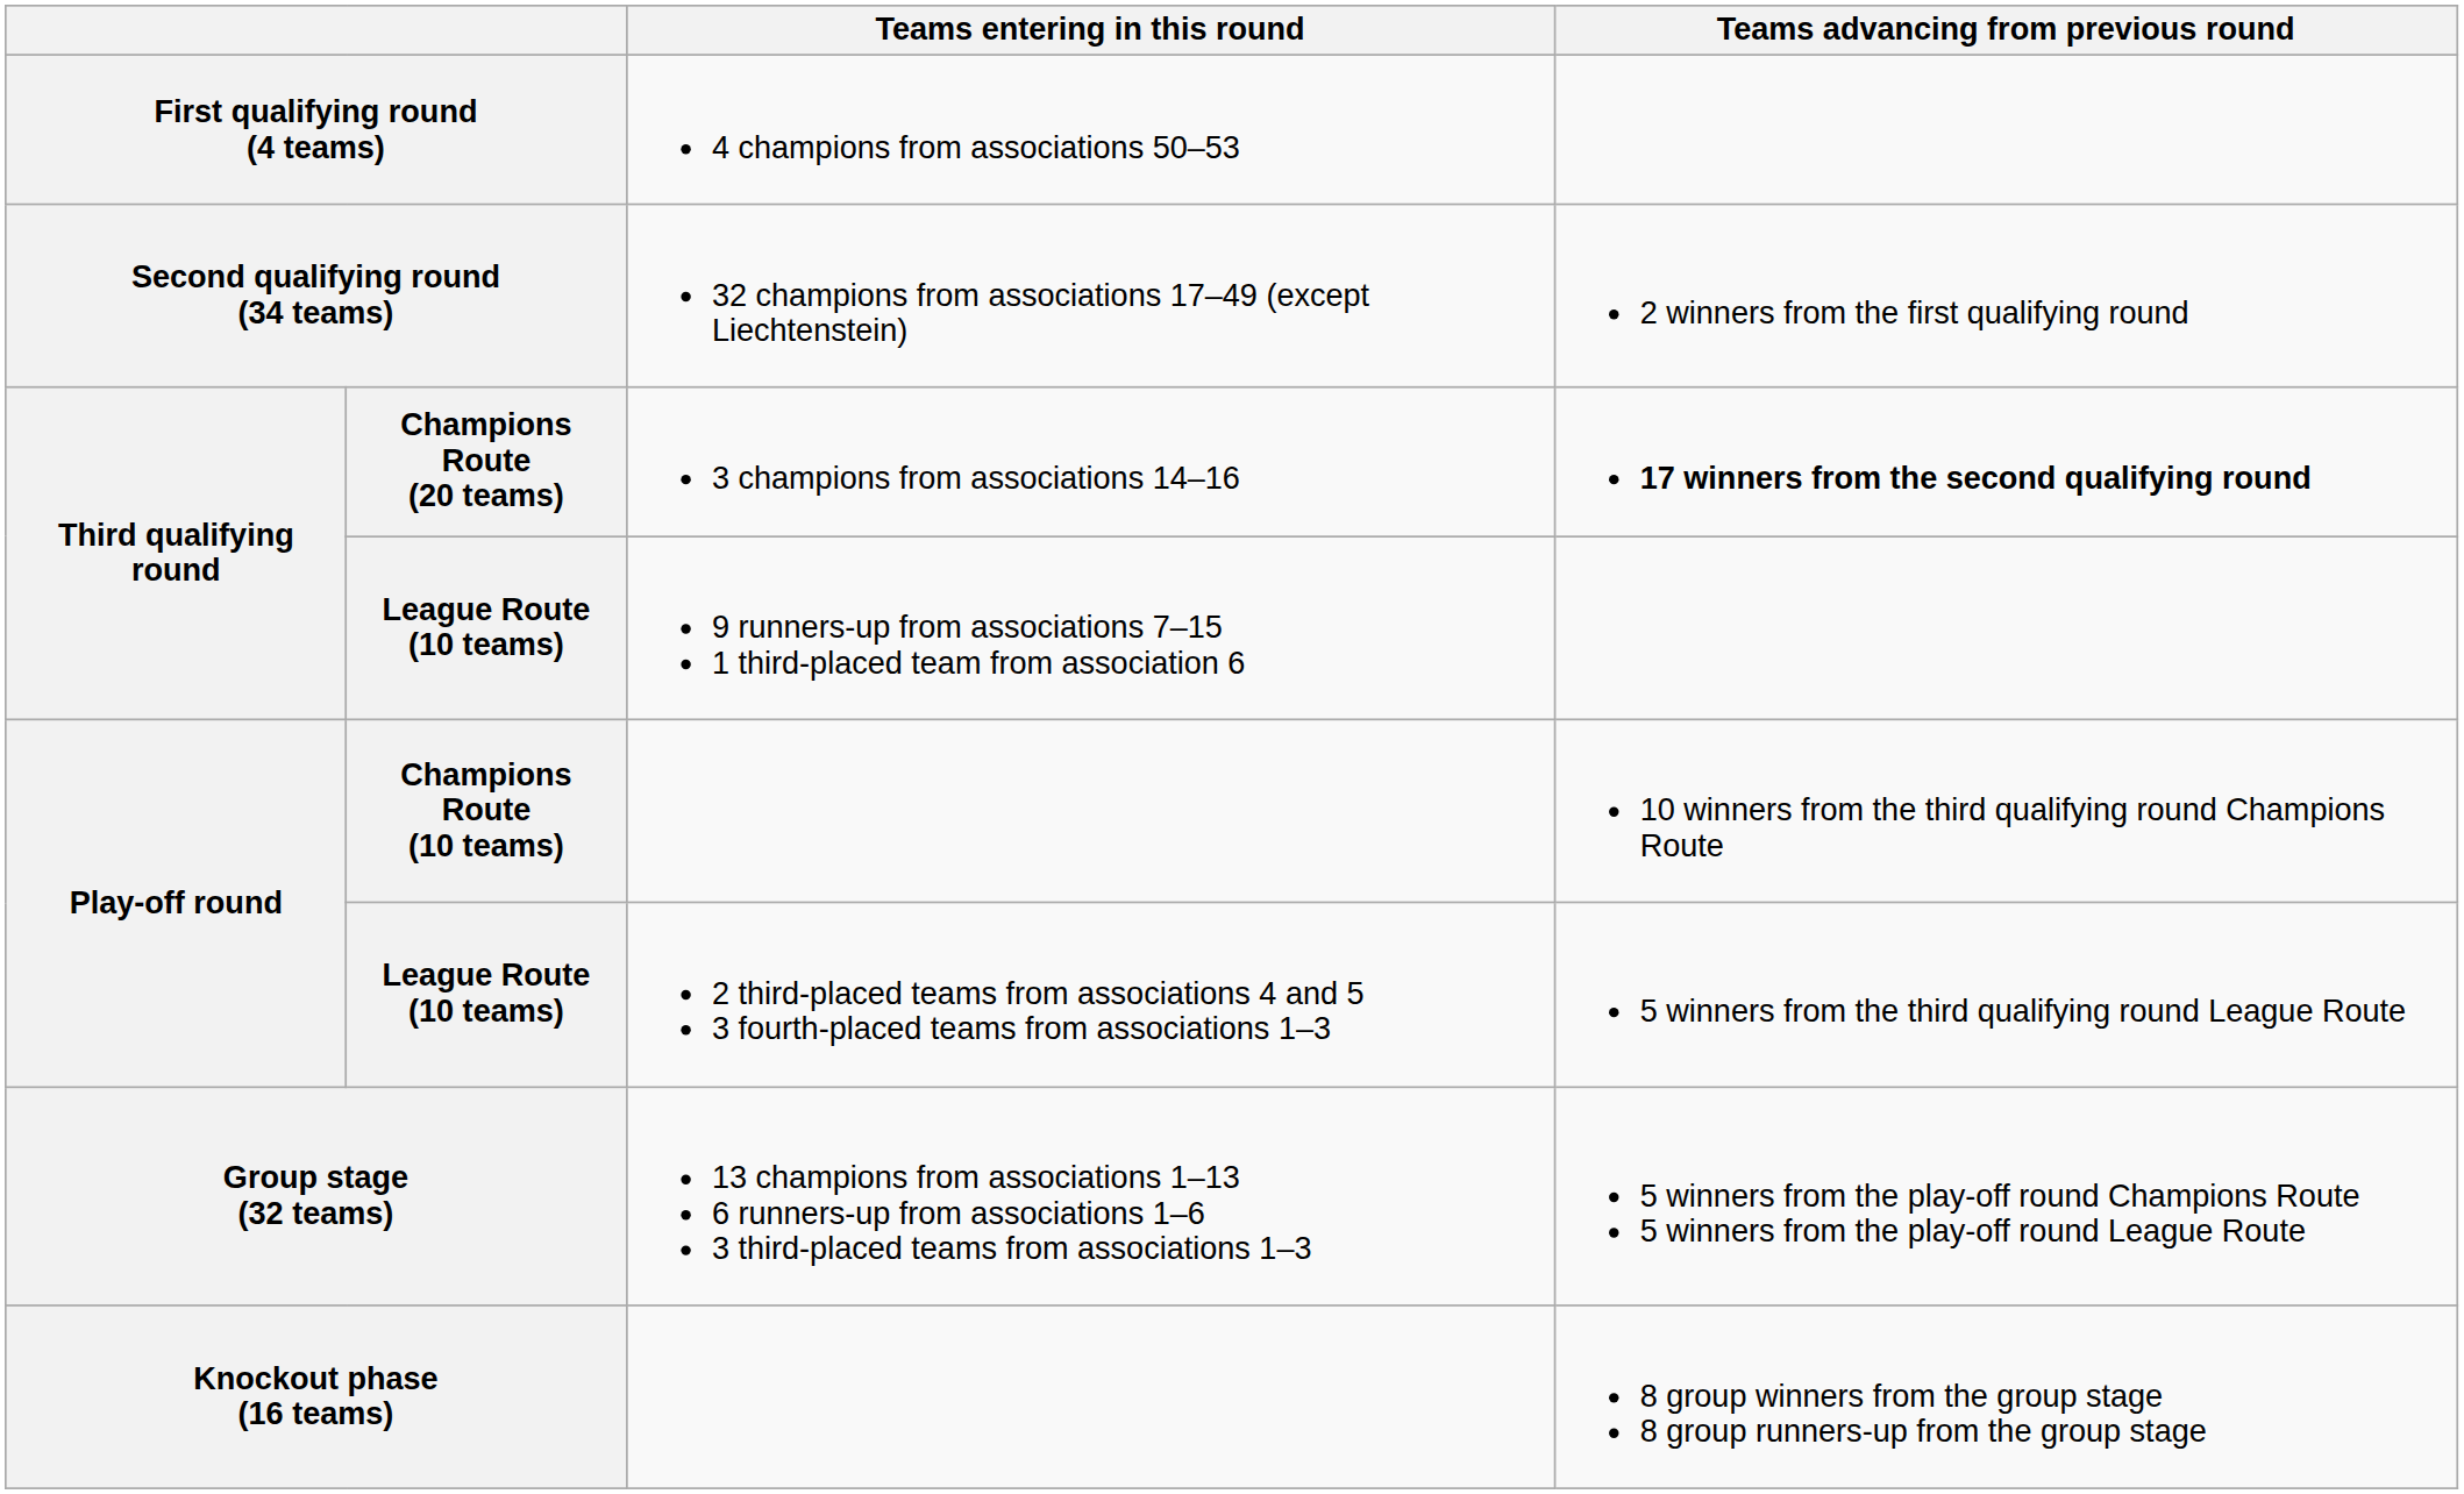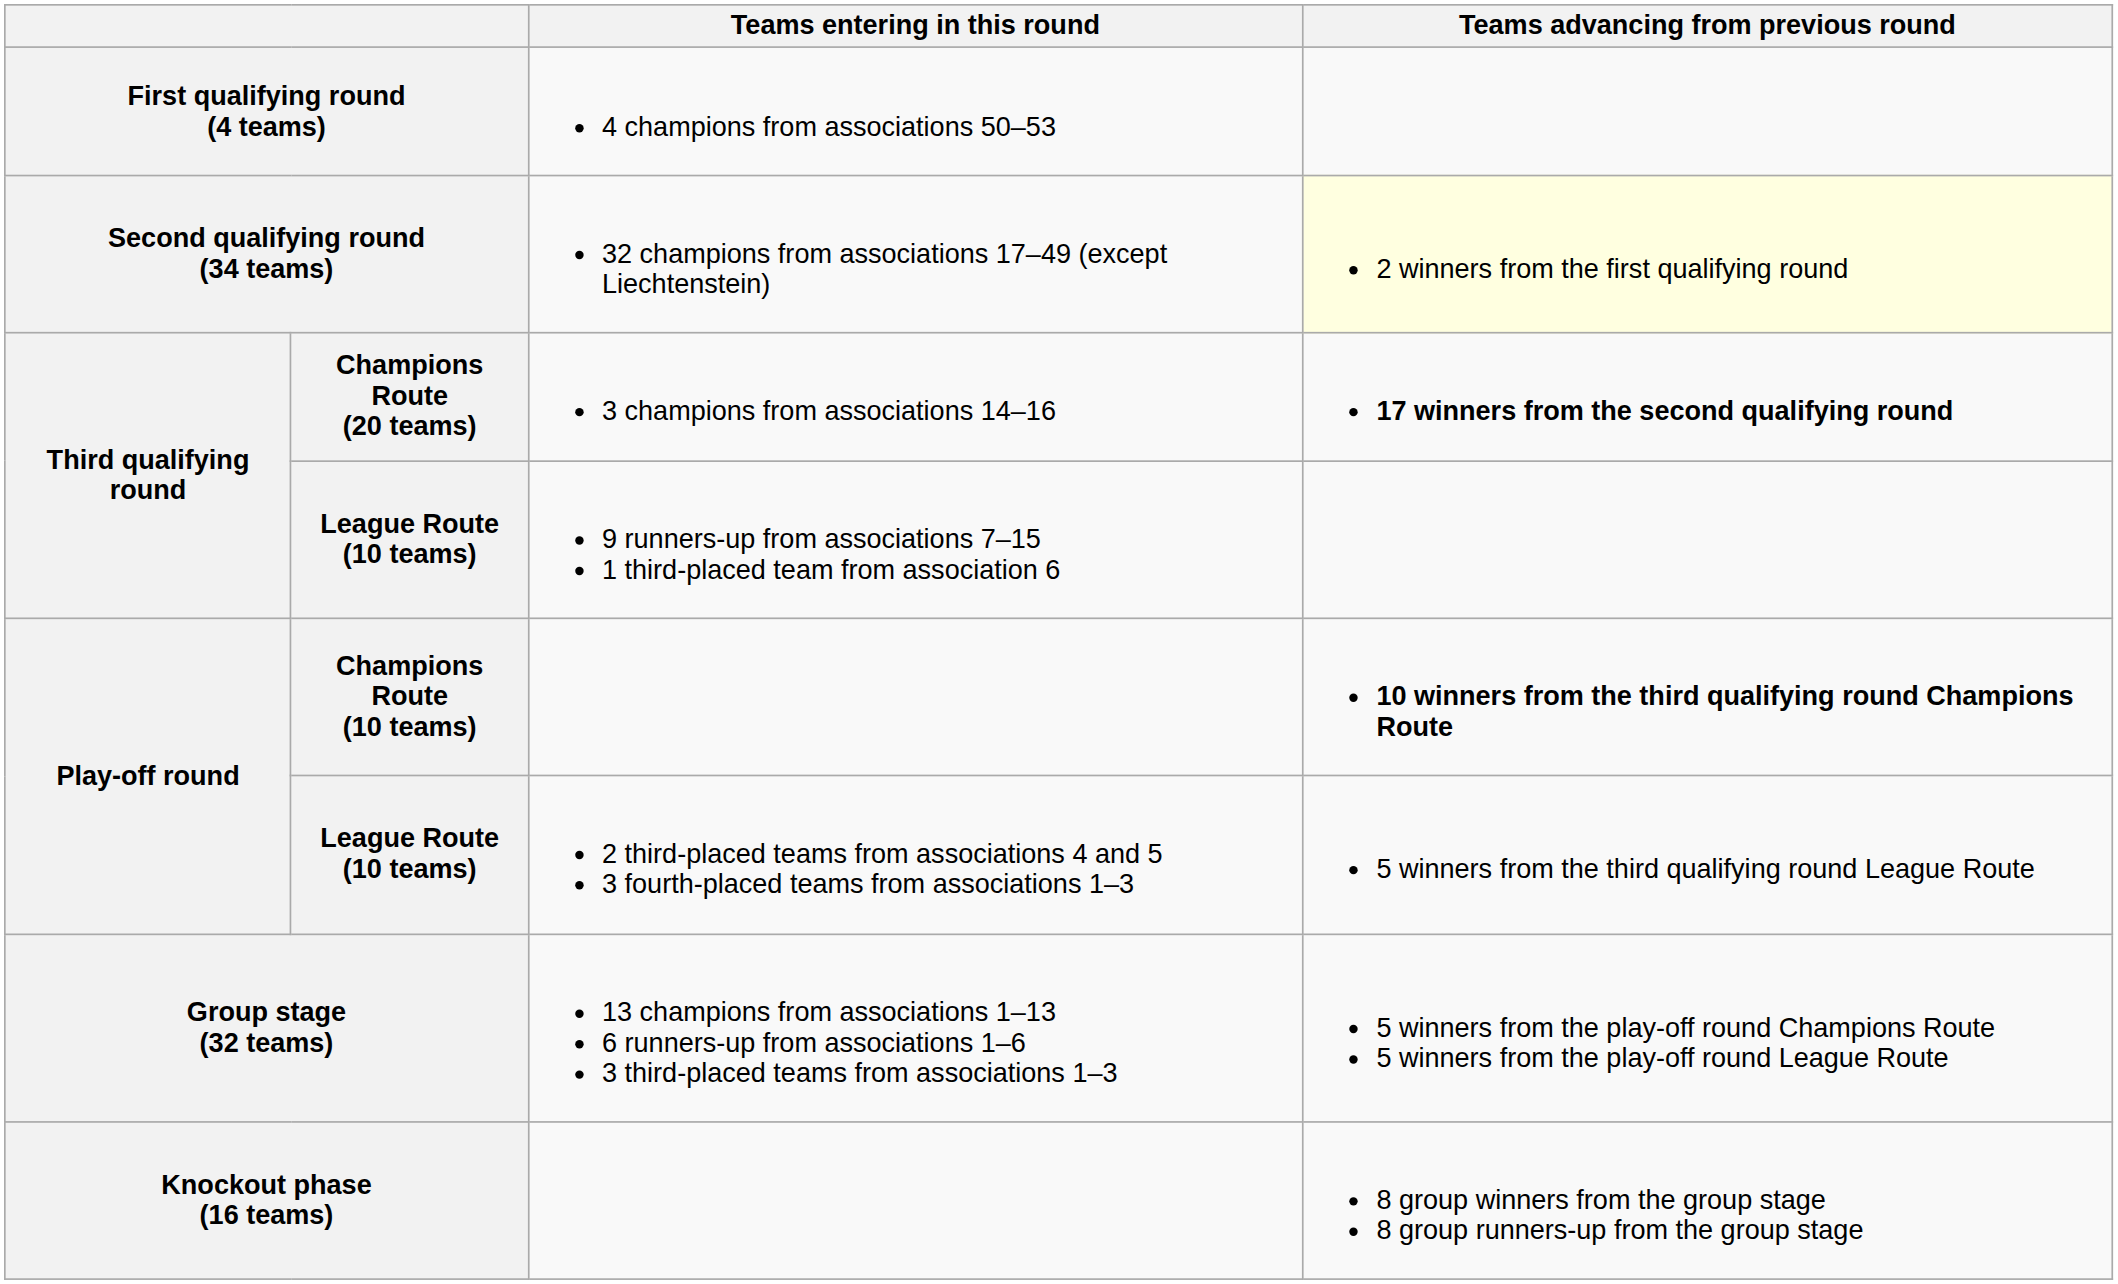 <table class="wikitable">
 <tr>
 <th colspan=2></th>
 <th>Teams entering in this round</th>
 <th>Teams advancing from previous round</th>
 </tr>
 <tr>
 <th colspan=2>First qualifying round<br>(4 teams)</th>
 <td><br><ul><li>4 champions from associations 50–53</li></ul></td>
 <td></td>
 </tr>
 <tr>
 <th colspan=2>Second qualifying round<br>(34 teams)</th>
 <td><br><ul><li>32 champions from associations 17–49 (except Liechtenstein)</li></ul></td>
-<td><br><ul><li>2 winners from the first qualifying round</li></ul></td>
+<td style="background: lightyellow;"><br><ul><li>2 winners from the first qualifying round</li></ul></td>
 </tr>
 <tr>
 <th rowspan=2>Third qualifying round</th>
 <th>Champions Route<br>(20 teams)</th>
 <td><br><ul><li>3 champions from associations 14–16</li></ul></td>
 <td><strong><br><ul><li>17 winners from the second qualifying round</li></ul></strong></td>
 </tr>
 <tr>
 <th>League Route<br>(10 teams)</th>
 <td><br><ul><li>9 runners-up from associations 7–15</li><li>1 third-placed team from association 6</li></ul></td>
 <td></td>
 </tr>
 <tr>
 <th rowspan=2>Play-off round</th>
 <th>Champions Route<br>(10 teams)</th>
 <td></td>
-<td><br><ul><li>10 winners from the third qualifying round Champions Route</li></ul></td>
+<td><strong><br><ul><li>10 winners from the third qualifying round Champions Route</li></ul></strong></td>
 </tr>
 <tr>
 <th>League Route<br>(10 teams)</th>
 <td><br><ul><li>2 third-placed teams from associations 4 and 5</li><li>3 fourth-placed teams from associations 1–3</li></ul></td>
 <td><br><ul><li>5 winners from the third qualifying round League Route</li></ul></td>
 </tr>
 <tr>
 <th colspan=2>Group stage<br>(32 teams)</th>
 <td><br><ul><li>13 champions from associations 1–13</li><li>6 runners-up from associations 1–6</li><li>3 third-placed teams from associations 1–3</li></ul></td>
 <td><br><ul><li>5 winners from the play-off round Champions Route</li><li>5 winners from the play-off round League Route</li></ul></td>
 </tr>
 <tr>
 <th colspan=2>Knockout phase<br>(16 teams)</th>
 <td></td>
 <td><br><ul><li>8 group winners from the group stage</li><li>8 group runners-up from the group stage</li></ul></td>
 </tr>
 </table>
